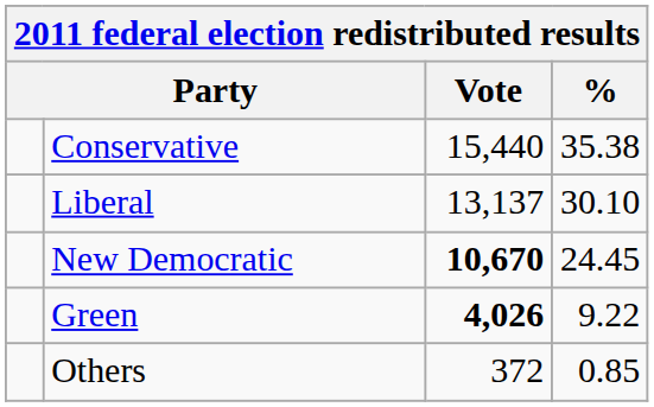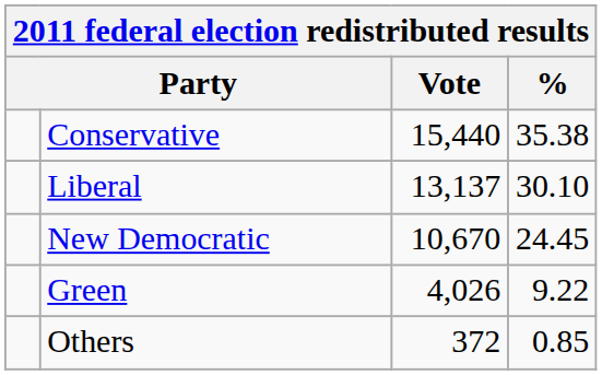 <table class="wikitable">
 <tr>
 <th colspan="4"><a href='#'>2011 federal election</a> redistributed results</th>
 </tr>
 <tr>
 <th bgcolor="#DDDDFF" width="130px" colspan="2">Party</th>
 <th bgcolor="#DDDDFF" width="50px">Vote</th>
 <th bgcolor="#DDDDFF" width="30px">%</th>
 </tr>
 <tr>
 <td> </td>
 <td><a href='#'>Conservative</a></td>
 <td align="right">15,440</td>
 <td align="right">35.38</td>
 </tr>
 <tr>
 <td> </td>
 <td><a href='#'>Liberal</a></td>
 <td align="right">13,137</td>
 <td align="right">30.10</td>
 </tr>
 <tr>
 <td> </td>
 <td><a href='#'>New Democratic</a></td>
-<td align="right"><strong>10,670</strong></td>
+<td align="right">10,670</td>
 <td align="right">24.45</td>
 </tr>
 <tr>
 <td> </td>
 <td><a href='#'>Green</a></td>
-<td align="right"><strong>4,026</strong></td>
+<td align="right">4,026</td>
 <td align="right">9.22</td>
 </tr>
 <tr>
 <td> </td>
 <td>Others</td>
 <td align="right">372</td>
 <td align="right">0.85</td>
 </tr>
 </table>
